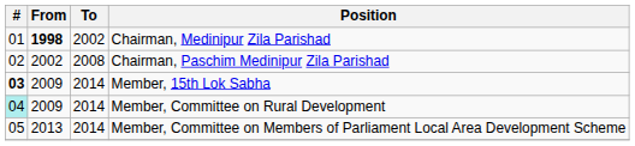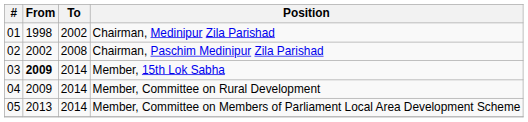 <table class="wikitable sortable">
 <tr>
 <th>#</th>
 <th>From</th>
 <th>To</th>
 <th>Position</th>
 </tr>
 <tr>
 <td>01</td>
-<td><strong>1998</strong></td>
+<td>1998</td>
 <td>2002</td>
 <td>Chairman, <a href='#'>Medinipur</a> <a href='#'>Zila Parishad</a></td>
 </tr>
 <tr>
 <td>02</td>
 <td>2002</td>
 <td>2008</td>
 <td>Chairman, <a href='#'>Paschim Medinipur</a> <a href='#'>Zila Parishad</a></td>
 </tr>
 <tr>
-<td><strong>03</strong></td>
-<td>2009</td>
+<td>03</td>
+<td><strong>2009</strong></td>
 <td>2014</td>
 <td>Member, <a href='#'>15th Lok Sabha</a></td>
 </tr>
 <tr>
-<td style="background: paleturquoise;">04</td>
+<td>04</td>
 <td>2009</td>
 <td>2014</td>
 <td>Member, Committee on Rural Development</td>
 </tr>
 <tr>
 <td>05</td>
 <td>2013</td>
 <td>2014</td>
 <td>Member, Committee on Members of Parliament Local Area Development Scheme</td>
 </tr>
 <tr>
 </tr>
 </table>
